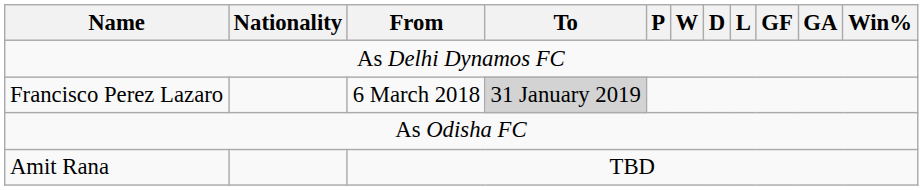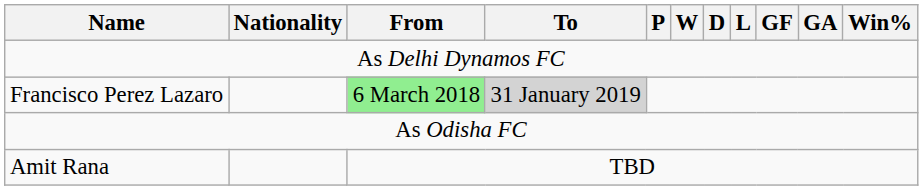 <table class="wikitable plainrowheaders sortable" style="text-align:center">
 <tr>
 <th>Name</th>
 <th>Nationality</th>
 <th>From</th>
 <th class="unsortable">To</th>
 <th>P</th>
 <th>W</th>
 <th>D</th>
 <th>L</th>
 <th>GF</th>
 <th>GA</th>
 <th>Win%</th>
 </tr>
 <tr>
 <td colspan="12">As <em>Delhi Dynamos FC</em></td>
 </tr>
 <tr>
 <td scope=row style=text-align:left>Francisco Perez Lazaro</td>
 <td align=left></td>
-<td align=left>6 March 2018</td>
+<td align=left style="background: lightgreen;">6 March 2018</td>
 <td align=left style="background: lightgrey;">31 January 2019<br></td>
 </tr>
 <tr>
 <td colspan="12">As <em>Odisha FC</em></td>
 </tr>
 <tr>
 <td scope=row style=text-align:left>Amit Rana</td>
 <td align=left></td>
 <td colspan="10">TBD</td>
 </tr>
 </table>
